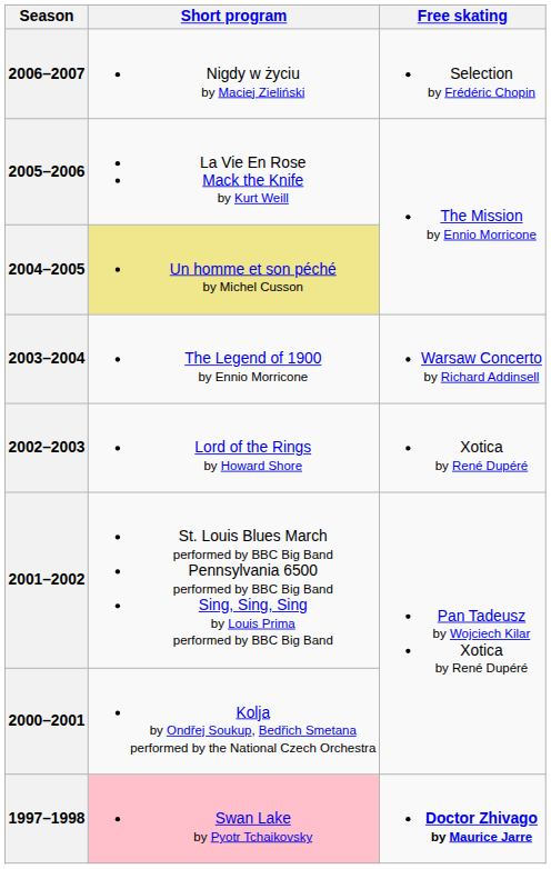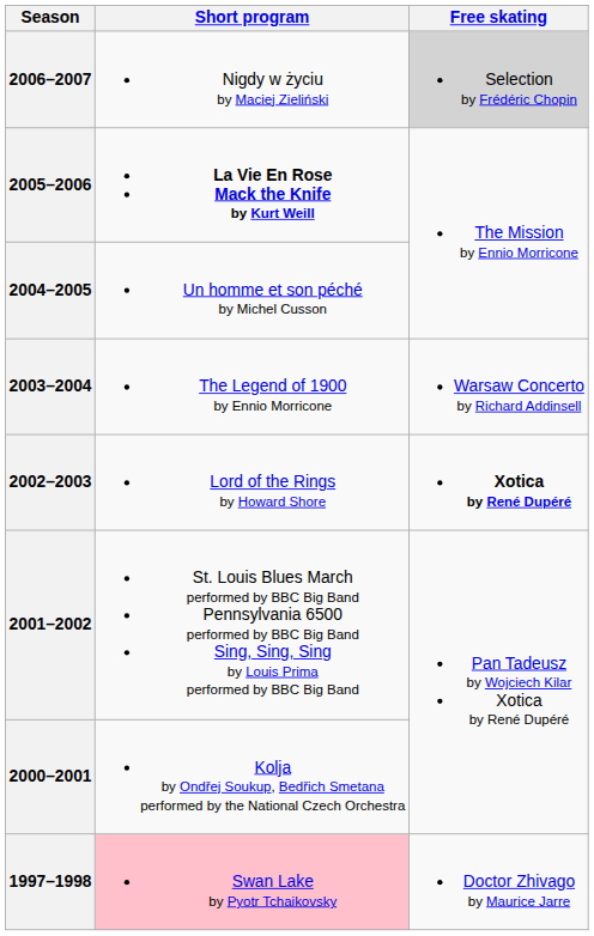 <table class="wikitable" style="text-align:center">
 <tr>
 <th>Season</th>
 <th><a href='#'>Short program</a></th>
 <th><a href='#'>Free skating</a></th>
 </tr>
 <tr>
 <th>2006–2007 <br> </th>
 <td><br><ul><li>Nigdy w życiu <br><small> by <a href='#'>Maciej Zieliński</a> </small></li></ul></td>
-<td><br><ul><li>Selection <br><small> by <a href='#'>Frédéric Chopin</a> </small></li></ul></td>
+<td style="background: lightgrey;"><br><ul><li>Selection <br><small> by <a href='#'>Frédéric Chopin</a> </small></li></ul></td>
 </tr>
 <tr>
 <th>2005–2006 <br> </th>
-<td><br><ul><li>La Vie En Rose</li><li><a href='#'>Mack the Knife</a> <br><small> by <a href='#'>Kurt Weill</a> </small></li></ul></td>
+<td><strong><br><ul><li>La Vie En Rose</li><li><a href='#'>Mack the Knife</a> <br><small> by <a href='#'>Kurt Weill</a> </small></li></ul></strong></td>
 <td rowspan=2><br><ul><li><a href='#'>The Mission</a> <br><small> by <a href='#'>Ennio Morricone</a> </small></li></ul></td>
 </tr>
 <tr>
 <th>2004–2005 <br> </th>
-<td style="background: khaki;"><br><ul><li><a href='#'>Un homme et son péché</a> <br><small> by Michel Cusson </small></li></ul></td>
+<td><br><ul><li><a href='#'>Un homme et son péché</a> <br><small> by Michel Cusson </small></li></ul></td>
 </tr>
 <tr>
 <th>2003–2004 <br> </th>
 <td><br><ul><li><a href='#'>The Legend of 1900</a> <br><small> by Ennio Morricone </small></li></ul></td>
 <td><br><ul><li><a href='#'>Warsaw Concerto</a> <br><small> by <a href='#'>Richard Addinsell</a> </small></li></ul></td>
 </tr>
 <tr>
 <th>2002–2003 <br> </th>
 <td><br><ul><li><a href='#'>Lord of the Rings</a> <br><small> by <a href='#'>Howard Shore</a> </small></li></ul></td>
-<td><br><ul><li>Xotica <br><small> by <a href='#'>René Dupéré</a> </small></li></ul></td>
+<td><strong><br><ul><li>Xotica <br><small> by <a href='#'>René Dupéré</a> </small></li></ul></strong></td>
 </tr>
 <tr>
 <th>2001–2002 <br> </th>
 <td><br><ul><li>St. Louis Blues March <br><small> performed by BBC Big Band </small></li><li>Pennsylvania 6500 <br><small> performed by BBC Big Band </small></li><li><a href='#'>Sing, Sing, Sing</a> <br><small> by <a href='#'>Louis Prima</a> <br> performed by BBC Big Band </small></li></ul></td>
 <td rowspan=2><br><ul><li><a href='#'>Pan Tadeusz</a> <br><small> by <a href='#'>Wojciech Kilar</a> </small></li><li>Xotica <br><small> by René Dupéré </small></li></ul></td>
 </tr>
 <tr>
 <th>2000–2001 <br> </th>
 <td><br><ul><li><a href='#'>Kolja</a> <br><small> by <a href='#'>Ondřej Soukup</a>, <a href='#'>Bedřich Smetana</a> <br> performed by the National Czech Orchestra </small></li></ul></td>
 </tr>
 <tr>
 <th>1997–1998 <br> </th>
 <td style="background: pink;"><br><ul><li><a href='#'>Swan Lake</a> <br><small> by <a href='#'>Pyotr Tchaikovsky</a> </small></li></ul></td>
-<td><strong><br><ul><li><a href='#'>Doctor Zhivago</a> <br><small> by <a href='#'>Maurice Jarre</a> </small></li></ul></strong></td>
+<td><br><ul><li><a href='#'>Doctor Zhivago</a> <br><small> by <a href='#'>Maurice Jarre</a> </small></li></ul></td>
 </tr>
 </table>
